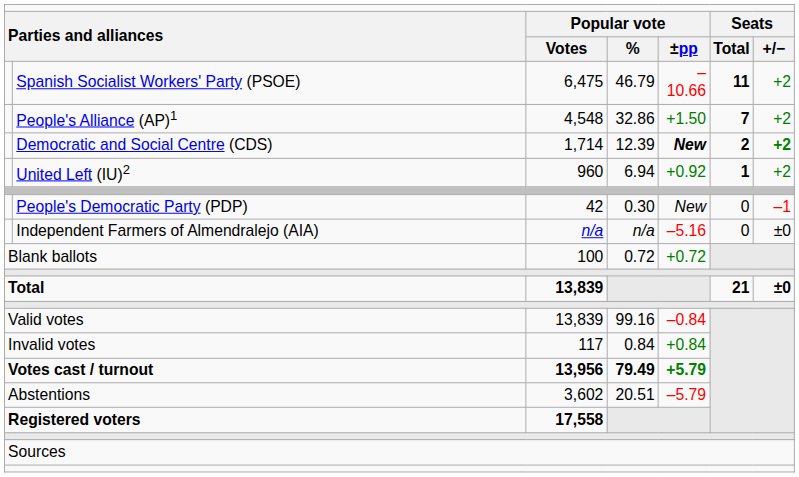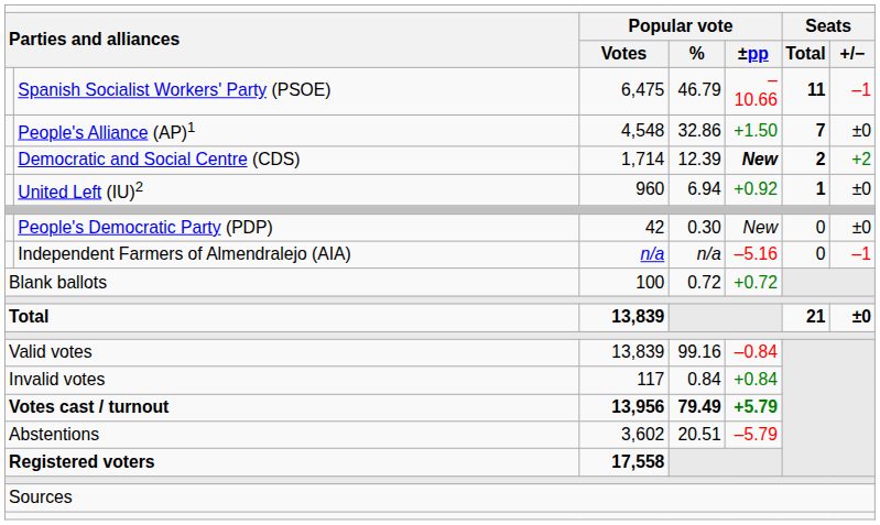 <table class="wikitable" style="text-align:right;">
 <tr>
 <td colspan="7"></td>
 </tr>
 <tr>
 <th style="text-align:left;" rowspan="2" colspan="2" width="525">Parties and alliances</th>
 <th colspan="3">Popular vote</th>
 <th colspan="2">Seats</th>
 </tr>
 <tr>
 <th width="75">Votes</th>
 <th width="45">%</th>
 <th width="45">±<a href='#'>pp</a></th>
 <th width="35">Total</th>
 <th width="35">+/−</th>
 </tr>
 <tr>
 <td width="1" style="color:inherit;background:"></td>
 <td align="left"><a href='#'>Spanish Socialist Workers' Party</a> (PSOE)</td>
 <td>6,475</td>
 <td>46.79</td>
 <td style="color:red;">–10.66</td>
 <td><strong>11</strong></td>
-<td style="color:green;">+2</td>
+<td style="color:red;">–1</td>
 </tr>
 <tr>
 <td style="color:inherit;background:"></td>
 <td align="left"><a href='#'>People's Alliance</a> (AP)<sup>1</sup></td>
 <td>4,548</td>
 <td>32.86</td>
 <td style="color:green;">+1.50</td>
 <td><strong>7</strong></td>
-<td style="color:green;">+2</td>
+<td>±0</td>
 </tr>
 <tr>
 <td style="color:inherit;background:"></td>
 <td align="left"><a href='#'>Democratic and Social Centre</a> (CDS)</td>
 <td>1,714</td>
 <td>12.39</td>
 <td><strong><em>New</em></strong></td>
 <td><strong>2</strong></td>
-<td style="color:green;"><strong>+2</strong></td>
+<td style="color:green;">+2</td>
 </tr>
 <tr>
 <td style="color:inherit;background:"></td>
 <td align="left"><a href='#'>United Left</a> (IU)<sup>2</sup></td>
 <td>960</td>
 <td>6.94</td>
 <td style="color:green;">+0.92</td>
 <td><strong>1</strong></td>
-<td style="color:green;">+2</td>
+<td>±0</td>
 </tr>
 <tr>
 <td colspan="7" bgcolor="#C0C0C0"></td>
 </tr>
 <tr>
 <td style="color:inherit;background:"></td>
 <td align="left"><a href='#'>People's Democratic Party</a> (PDP)</td>
 <td>42</td>
 <td>0.30</td>
 <td><em>New</em></td>
 <td>0</td>
-<td style="color:red;">–1</td>
+<td>±0</td>
 </tr>
 <tr>
 <td style="color:inherit;background:"></td>
 <td align="left">Independent Farmers of Almendralejo (AIA)</td>
 <td><em><a href='#'>n/a</a></em></td>
 <td><em>n/a</em></td>
 <td style="color:red;">–5.16</td>
 <td>0</td>
-<td>±0</td>
+<td style="color:red;">–1</td>
 </tr>
 <tr>
 <td align="left" colspan="2">Blank ballots</td>
 <td>100</td>
 <td>0.72</td>
 <td style="color:green;">+0.72</td>
 <td bgcolor="#E9E9E9" colspan="2"></td>
 </tr>
 <tr>
 <td colspan="7" bgcolor="#E9E9E9"></td>
 </tr>
 <tr style="font-weight:bold;">
 <td align="left" colspan="2">Total</td>
 <td>13,839</td>
 <td bgcolor="#E9E9E9" colspan="2"></td>
 <td>21</td>
 <td>±0</td>
 </tr>
 <tr>
 <td colspan="7" bgcolor="#E9E9E9"></td>
 </tr>
 <tr>
 <td align="left" colspan="2">Valid votes</td>
 <td>13,839</td>
 <td>99.16</td>
 <td style="color:red;">–0.84</td>
 <td bgcolor="#E9E9E9" colspan="2" rowspan="5"></td>
 </tr>
 <tr>
 <td align="left" colspan="2">Invalid votes</td>
 <td>117</td>
 <td>0.84</td>
 <td style="color:green;">+0.84</td>
 </tr>
 <tr style="font-weight:bold;">
 <td align="left" colspan="2">Votes cast / turnout</td>
 <td>13,956</td>
 <td>79.49</td>
 <td style="color:green;">+5.79</td>
 </tr>
 <tr>
 <td align="left" colspan="2">Abstentions</td>
 <td>3,602</td>
 <td>20.51</td>
 <td style="color:red;">–5.79</td>
 </tr>
 <tr style="font-weight:bold;">
 <td align="left" colspan="2">Registered voters</td>
 <td>17,558</td>
 <td bgcolor="#E9E9E9" colspan="2"></td>
 </tr>
 <tr>
 <td colspan="7" bgcolor="#E9E9E9"></td>
 </tr>
 <tr>
 <td align="left" colspan="7">Sources</td>
 </tr>
 <tr>
 <td colspan="7" style="text-align:left; max-width:790px;"></td>
 </tr>
 </table>
